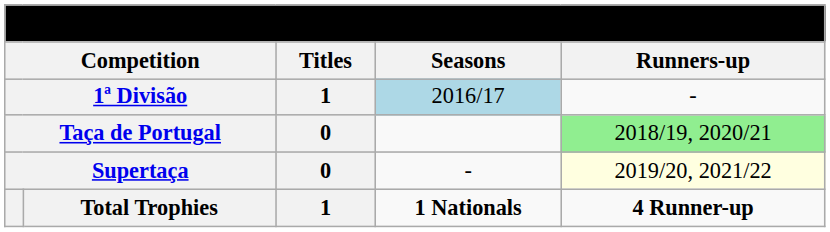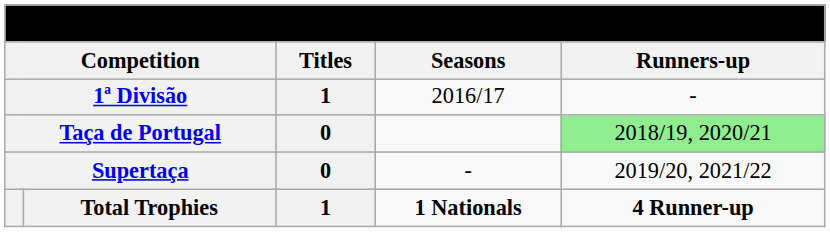 <table class="wikitable" width="60%" style="text-align: center; font-size:90%;">
 <tr>
 <th colspan="5" style="background: #000000;"><span>National Competitions</span></th>
 </tr>
 <tr>
 <th colspan="2">Competition</th>
 <th>Titles</th>
 <th>Seasons</th>
 <th>Runners-up</th>
 </tr>
 <tr>
 <th colspan="2" rowspan="1"><a href='#'>1ª Divisão</a></th>
 <th rowspan="1">1</th>
-<td rowspan="1" style="background: lightblue;">2016/17</td>
+<td rowspan="1">2016/17</td>
 <td>-</td>
 </tr>
 <tr>
 <th colspan="2" rowspan="1"><a href='#'>Taça de Portugal</a></th>
 <th>0</th>
 <td></td>
 <td style="background: lightgreen;">2018/19, 2020/21</td>
 </tr>
 <tr>
 <th colspan="2"><a href='#'>Supertaça</a></th>
 <th>0</th>
 <td>-</td>
-<td style="background: lightyellow;">2019/20, 2021/22</td>
+<td>2019/20, 2021/22</td>
 </tr>
 <tr>
 <th></th>
 <th>Total Trophies</th>
 <th>1</th>
 <td><strong>1 Nationals</strong></td>
 <td><strong>4 Runner-up</strong></td>
 </tr>
 </table>
